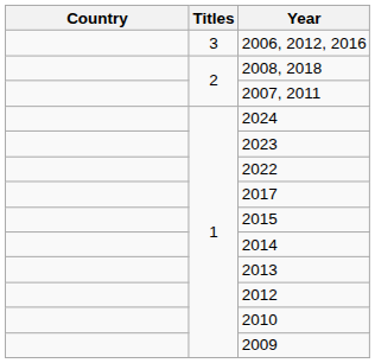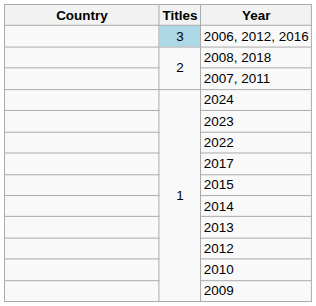 <table class="wikitable sortable" style="font-size: 85%;">
 <tr>
 <th width="150">Country</th>
 <th width="30">Titles</th>
 <th>Year</th>
 </tr>
 <tr>
 <td></td>
-<td style="text-align:center;">3</td>
+<td style="background: lightblue; text-align:center;">3</td>
 <td>2006, 2012<s></s>, 2016</td>
 </tr>
 <tr>
 <td></td>
 <td rowspan="2" style="text-align:center;">2</td>
 <td>2008, 2018</td>
 </tr>
 <tr>
 <td></td>
 <td>2007, 2011</td>
 </tr>
 <tr>
 <td></td>
 <td rowspan="10" style="text-align:center;">1</td>
 <td>2024</td>
 </tr>
 <tr>
 <td></td>
 <td>2023</td>
 </tr>
 <tr>
 <td></td>
 <td>2022</td>
 </tr>
 <tr>
 <td></td>
 <td>2017</td>
 </tr>
 <tr>
 <td></td>
 <td>2015</td>
 </tr>
 <tr>
 <td></td>
 <td>2014</td>
 </tr>
 <tr>
 <td></td>
 <td>2013</td>
 </tr>
 <tr>
 <td></td>
 <td>2012</td>
 </tr>
 <tr>
 <td></td>
 <td>2010</td>
 </tr>
 <tr>
 <td></td>
 <td>2009</td>
 </tr>
 <tr>
 </tr>
 </table>
